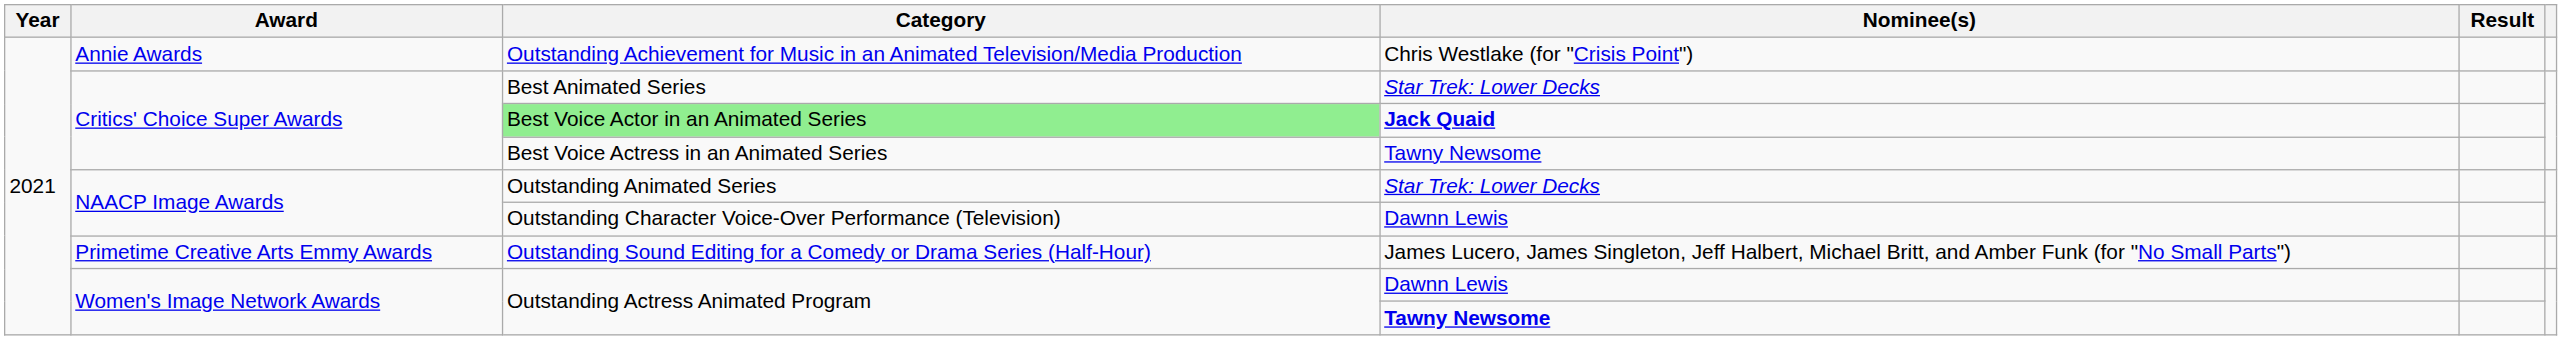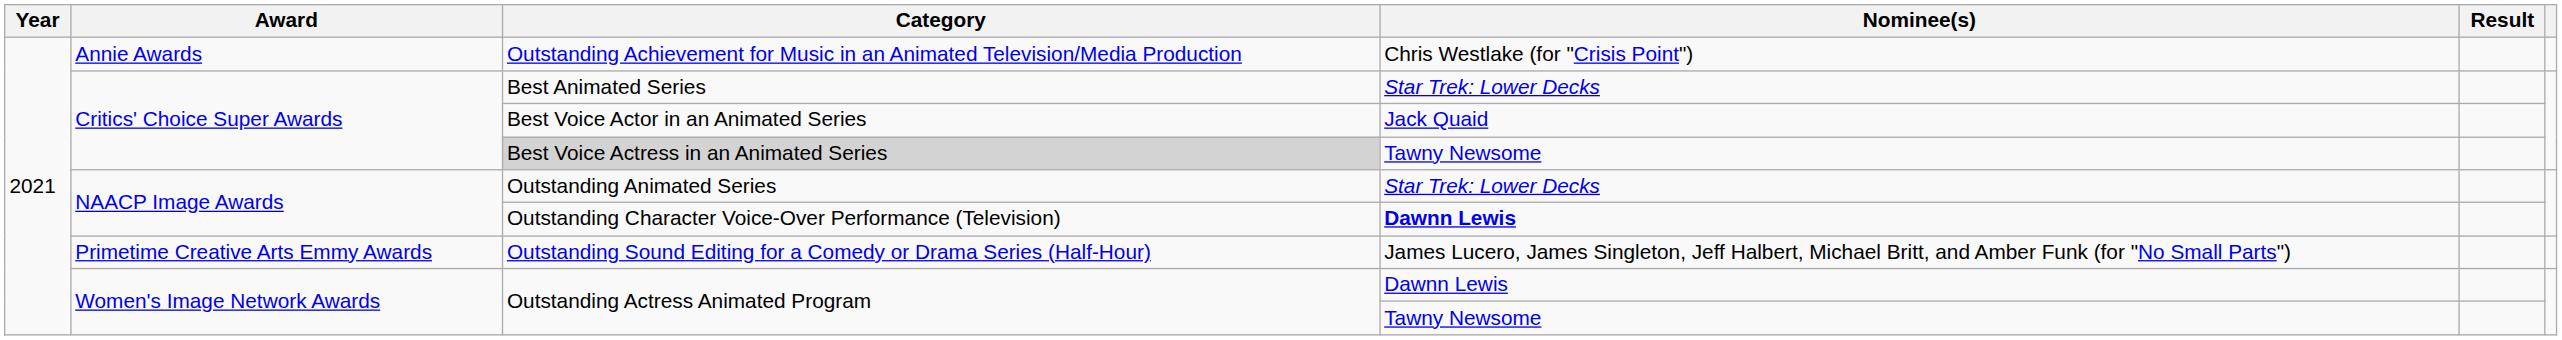 <table class="wikitable sortable" style="width:99%">
 <tr>
 <th scope="col">Year</th>
 <th scope="col">Award</th>
 <th scope="col">Category</th>
 <th scope="col">Nominee(s)</th>
 <th scope="col">Result</th>
 <th scope="col" class="unsortable"></th>
 </tr>
 <tr>
 <td rowspan="9">2021</td>
 <td><a href='#'>Annie Awards</a></td>
 <td><a href='#'>Outstanding Achievement for Music in an Animated Television/Media Production</a></td>
 <td>Chris Westlake (for "<a href='#'>Crisis Point</a>")</td>
 <td></td>
 <td style="text-align:center"></td>
 </tr>
 <tr>
 <td rowspan="3"><a href='#'>Critics' Choice Super Awards</a></td>
 <td>Best Animated Series</td>
 <td><em><a href='#'>Star Trek: Lower Decks</a></em></td>
 <td></td>
 <td rowspan="3" style="text-align:center"></td>
 </tr>
 <tr>
-<td style="background: lightgreen;">Best Voice Actor in an Animated Series</td>
-<td><strong><a href='#'>Jack Quaid</a></strong></td>
+<td>Best Voice Actor in an Animated Series</td>
+<td><a href='#'>Jack Quaid</a></td>
 <td></td>
 </tr>
 <tr>
-<td>Best Voice Actress in an Animated Series</td>
+<td style="background: lightgrey;">Best Voice Actress in an Animated Series</td>
 <td><a href='#'>Tawny Newsome</a></td>
 <td></td>
 </tr>
 <tr>
 <td rowspan="2"><a href='#'>NAACP Image Awards</a></td>
 <td>Outstanding Animated Series</td>
 <td><em><a href='#'>Star Trek: Lower Decks</a></em></td>
 <td></td>
 <td rowspan="2" style="text-align:center"></td>
 </tr>
 <tr>
 <td>Outstanding Character Voice-Over Performance (Television)</td>
-<td><a href='#'>Dawnn Lewis</a></td>
+<td><strong><a href='#'>Dawnn Lewis</a></strong></td>
 <td></td>
 </tr>
 <tr>
 <td><a href='#'>Primetime Creative Arts Emmy Awards</a></td>
 <td><a href='#'>Outstanding Sound Editing for a Comedy or Drama Series (Half-Hour)</a></td>
 <td>James Lucero, James Singleton, Jeff Halbert, Michael Britt, and Amber Funk (for "<a href='#'>No Small Parts</a>")</td>
 <td></td>
 <td style="text-align:center"></td>
 </tr>
 <tr>
 <td rowspan="2"><a href='#'>Women's Image Network Awards</a></td>
 <td rowspan="2">Outstanding Actress Animated Program</td>
 <td><a href='#'>Dawnn Lewis</a></td>
 <td></td>
 <td rowspan="2" style="text-align:center"></td>
 </tr>
 <tr>
-<td><strong><a href='#'>Tawny Newsome</a></strong></td>
+<td><a href='#'>Tawny Newsome</a></td>
 <td></td>
 </tr>
 </table>
